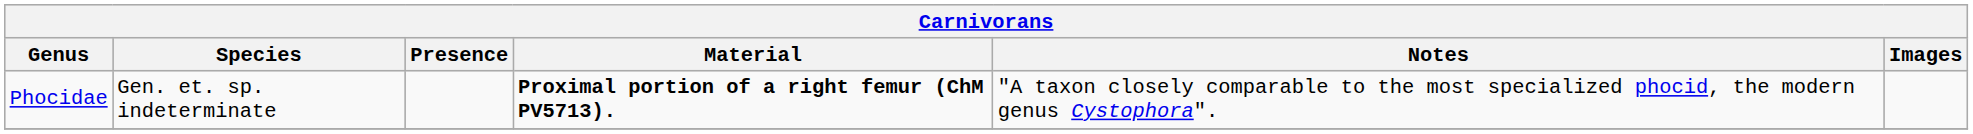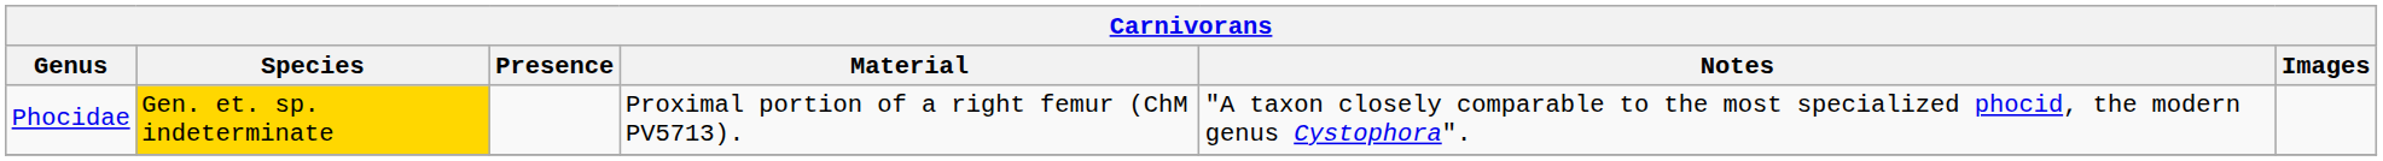 <table class="wikitable" align="center">
 <tr>
 <th colspan="6" align="center"><strong><a href='#'>Carnivorans</a></strong></th>
 </tr>
 <tr>
 <th>Genus</th>
 <th>Species</th>
 <th>Presence</th>
 <th><strong>Material</strong></th>
 <th>Notes</th>
 <th>Images</th>
 </tr>
 <tr>
 <td><a href='#'>Phocidae</a></td>
-<td>Gen. et. sp. indeterminate</td>
+<td style="background: gold;">Gen. et. sp. indeterminate</td>
 <td></td>
-<td><strong>Proximal portion of a right femur (ChM PV5713).</strong></td>
+<td>Proximal portion of a right femur (ChM PV5713).</td>
 <td>"A taxon closely comparable to the most specialized <a href='#'>phocid</a>, the modern genus <a href='#'><em>Cystophora</em></a>".</td>
 <td></td>
 </tr>
 <tr>
 </tr>
 </table>
